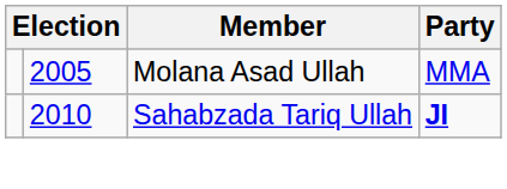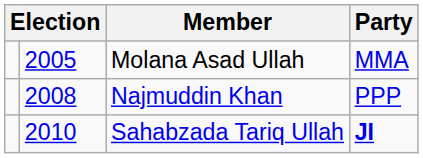 <table class="wikitable">
 <tr>
 <th colspan="2">Election</th>
 <th>Member</th>
 <th>Party</th>
 </tr>
 <tr>
 <td style="background-color: "></td>
 <td><a href='#'>2005</a></td>
 <td>Molana Asad Ullah</td>
 <td><a href='#'>MMA</a></td>
 </tr>
 <tr>
 <td style="background-color: "></td>
+<td><a href='#'>2008</a></td>
+<td><a href='#'>Najmuddin Khan</a></td>
+<td><a href='#'>PPP</a></td>
+</tr>
+<tr>
+<td style="background-color: "></td>
 <td><a href='#'>2010</a></td>
 <td><a href='#'>Sahabzada Tariq Ullah</a></td>
 <td><strong><a href='#'>JI</a></strong></td>
 </tr>
 </table>
